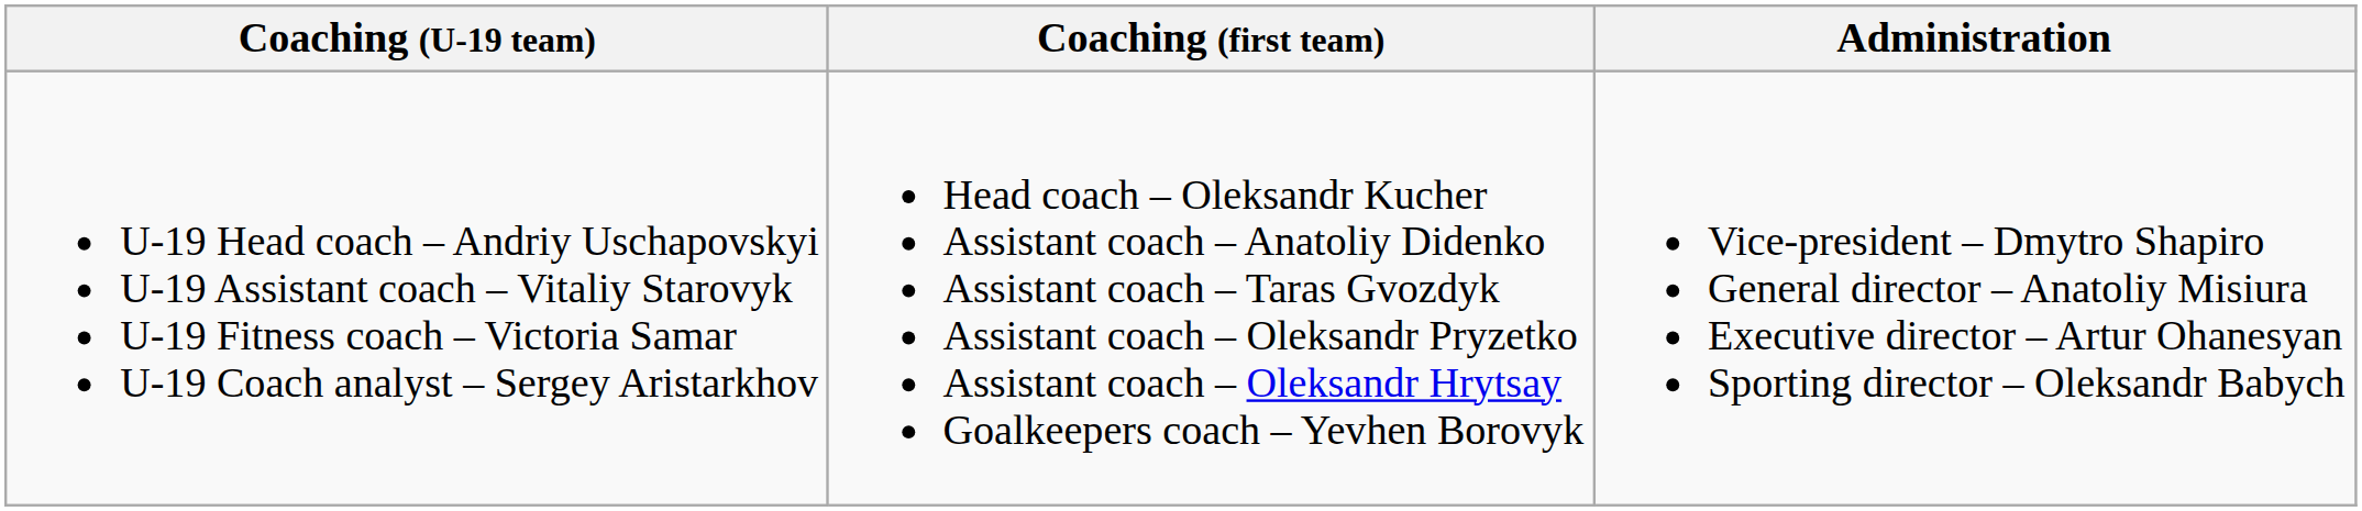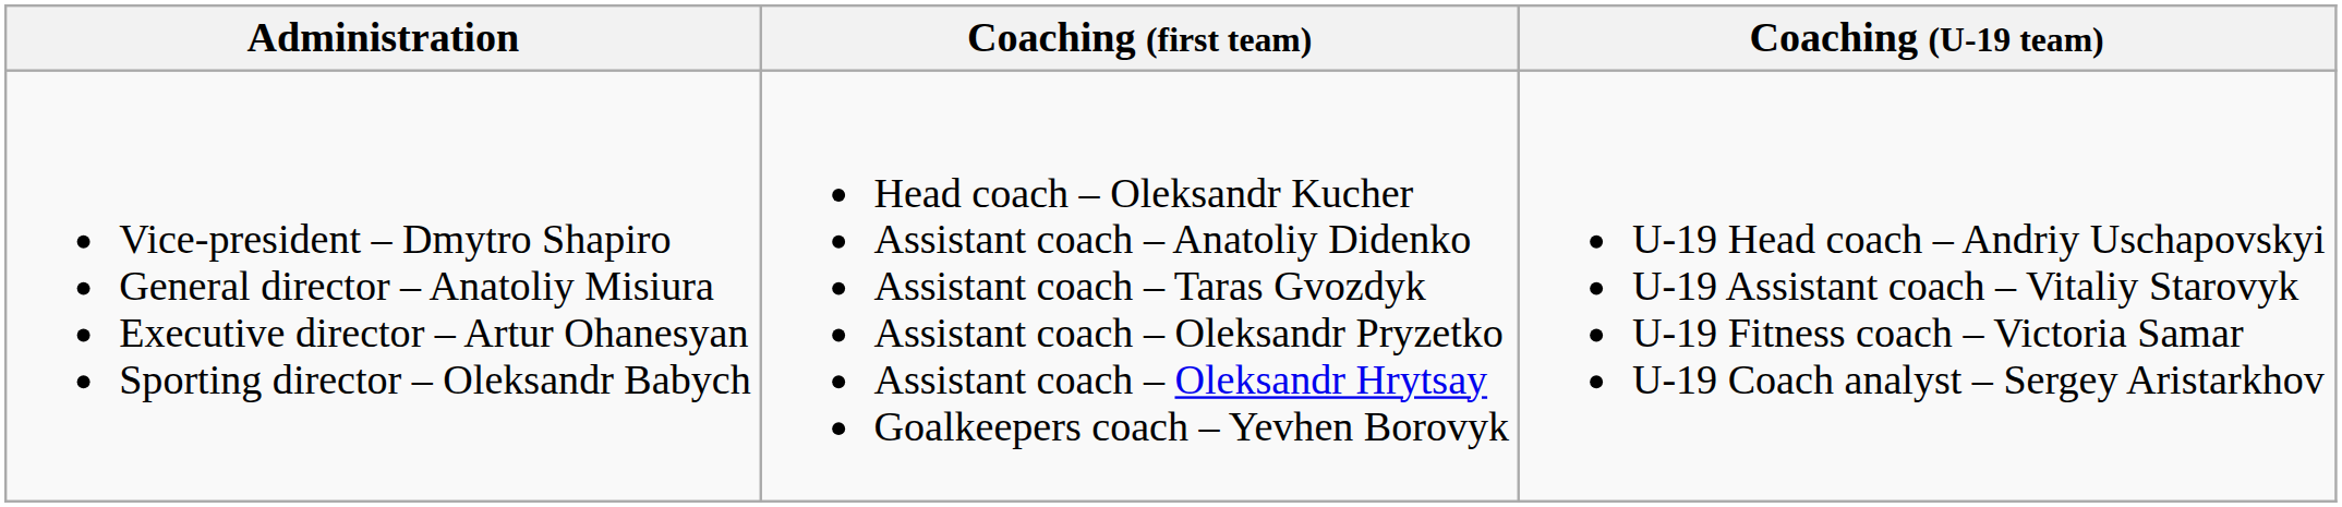 <table class="wikitable">
 <tr>
+<th>Administration</th>
+<th>Coaching <small>(first team)</small></th>
 <th>Coaching <small>(U-19 team)</small></th>
-<th>Coaching <small>(first team)</small></th>
-<th>Administration</th>
 </tr>
 <tr>
+<td><br><ul><li>Vice-president –  Dmytro Shapiro</li><li>General director –  Anatoliy Misiura</li><li>Executive director –  Artur Ohanesyan</li><li>Sporting director –  Oleksandr Babych</li></ul></td>
+<td><br><ul><li>Head coach –  Oleksandr Kucher</li><li>Assistant coach –  Anatoliy Didenko</li><li>Assistant coach –  Taras Gvozdyk</li><li>Assistant coach –  Oleksandr Pryzetko</li><li>Assistant coach –  <a href='#'>Oleksandr Hrytsay</a></li><li>Goalkeepers coach –  Yevhen Borovyk</li></ul></td>
 <td><br><ul><li>U-19 Head coach –  Andriy Uschapovskyi</li><li>U-19 Assistant coach –  Vitaliy Starovyk</li><li>U-19 Fitness coach –  Victoria Samar</li><li>U-19 Coach analyst –  Sergey Aristarkhov</li></ul></td>
-<td><br><ul><li>Head coach –  Oleksandr Kucher</li><li>Assistant coach –  Anatoliy Didenko</li><li>Assistant coach –  Taras Gvozdyk</li><li>Assistant coach –  Oleksandr Pryzetko</li><li>Assistant coach –  <a href='#'>Oleksandr Hrytsay</a></li><li>Goalkeepers coach –  Yevhen Borovyk</li></ul></td>
-<td><br><ul><li>Vice-president –  Dmytro Shapiro</li><li>General director –  Anatoliy Misiura</li><li>Executive director –  Artur Ohanesyan</li><li>Sporting director –  Oleksandr Babych</li></ul></td>
 </tr>
 </table>
